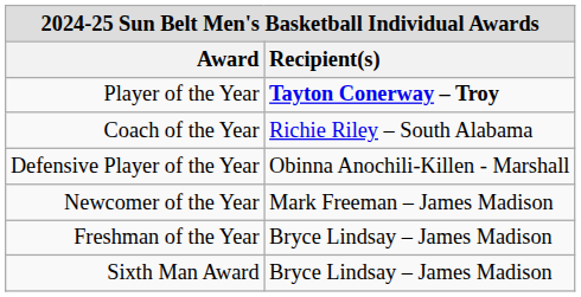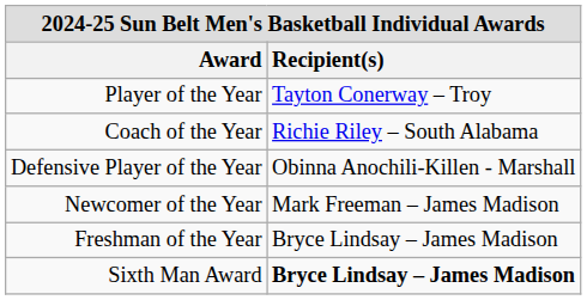 <table class="wikitable" style="white-space:nowrap; font-size:90%;">
 <tr>
 <td colspan="7" style="text-align:center; background:#ddd;"><strong>2024-25 Sun Belt Men's Basketball Individual Awards</strong></td>
 </tr>
 <tr>
 <th style="text-align:right;">Award</th>
 <th style="text-align:left;">Recipient(s)</th>
 </tr>
 <tr>
 <td style="text-align:right;">Player of the Year</td>
-<td style="text-align:left;"><strong><a href='#'>Tayton Conerway</a> – Troy</strong></td>
+<td style="text-align:left;"><a href='#'>Tayton Conerway</a> – Troy</td>
 </tr>
 <tr>
 <td style="text-align:right;">Coach of the Year</td>
 <td style="text-align:left;"><a href='#'>Richie Riley</a> – South Alabama</td>
 </tr>
 <tr>
 <td style="text-align:right;">Defensive Player of the Year</td>
 <td style="text-align:left;">Obinna Anochili-Killen - Marshall</td>
 </tr>
 <tr>
 <td style="text-align:right;">Newcomer of the Year</td>
 <td style="text-align:left;">Mark Freeman – James Madison</td>
 </tr>
 <tr>
 <td style="text-align:right;">Freshman of the Year</td>
 <td style="text-align:left;">Bryce Lindsay – James Madison</td>
 </tr>
 <tr>
 <td style="text-align:right;">Sixth Man Award</td>
-<td style="text-align:left;">Bryce Lindsay – James Madison</td>
+<td style="text-align:left;"><strong>Bryce Lindsay – James Madison</strong></td>
 </tr>
 </table>
